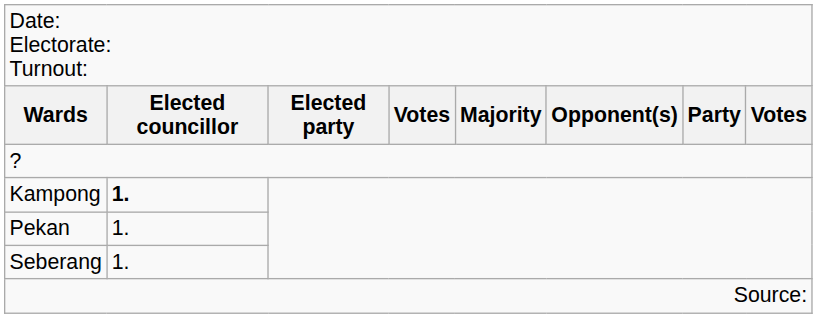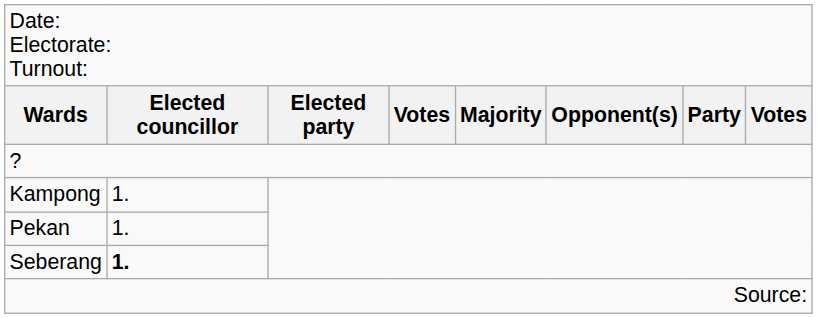 <table class=wikitable>
 <tr>
 <td colspan=8>Date: <br>Electorate: <br>Turnout:</td>
 </tr>
 <tr>
 <th>Wards</th>
 <th>Elected councillor</th>
 <th>Elected party</th>
 <th>Votes</th>
 <th>Majority</th>
 <th>Opponent(s)</th>
 <th>Party</th>
 <th>Votes</th>
 </tr>
 <tr>
 <td colspan=8>? </td>
 </tr>
 <tr>
 <td>Kampong</td>
-<td><strong>1.</strong></td>
+<td>1.</td>
 </tr>
 <tr>
 <td>Pekan</td>
 <td>1.</td>
 </tr>
 <tr>
 <td>Seberang</td>
-<td>1.</td>
+<td><strong>1.</strong></td>
 </tr>
 <tr>
 <td colspan="8" style="text-align:right;">Source: </td>
 </tr>
 </table>
